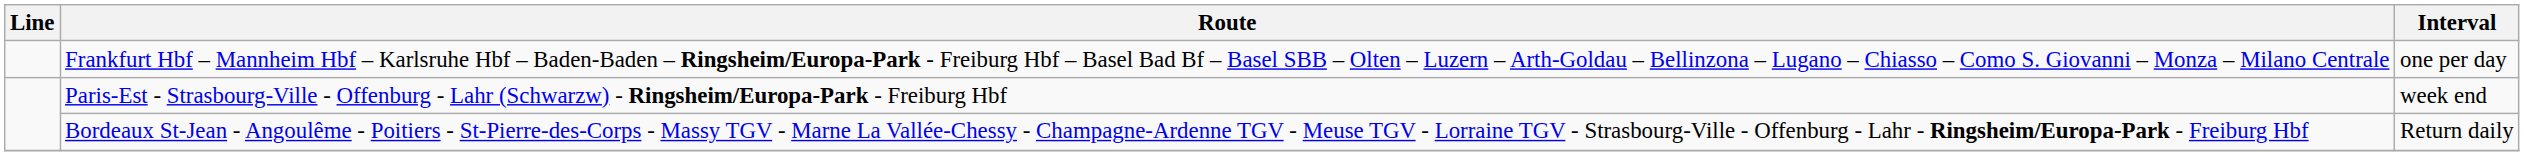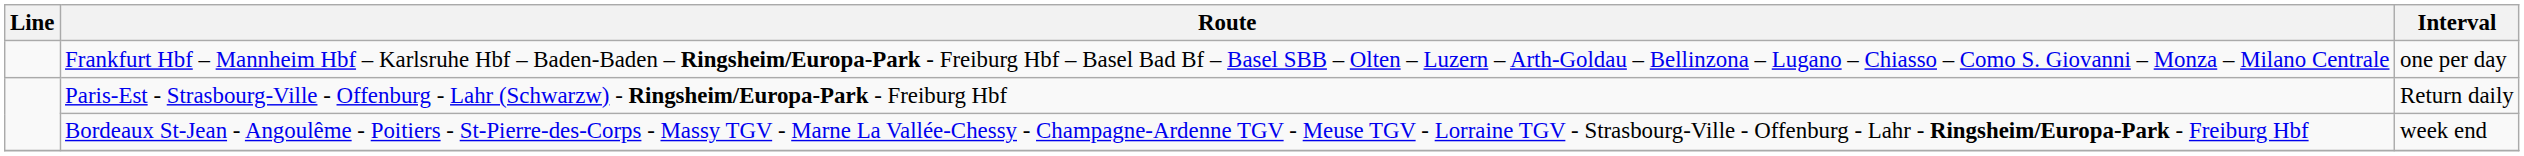 <table class="wikitable zebra">
 <tr class="hintergrundfarbe5">
 <th>Line</th>
 <th>Route</th>
 <th>Interval</th>
 </tr>
 <tr>
 <td></td>
 <td><a href='#'>Frankfurt Hbf</a> – <a href='#'>Mannheim Hbf</a> – Karlsruhe Hbf – Baden-Baden – <strong>Ringsheim/Europa-Park</strong> - Freiburg Hbf – Basel Bad Bf – <a href='#'>Basel SBB</a> – <a href='#'>Olten</a> – <a href='#'>Luzern</a> – <a href='#'>Arth-Goldau</a> – <a href='#'>Bellinzona</a> – <a href='#'>Lugano</a> – <a href='#'>Chiasso</a> – <a href='#'>Como S. Giovanni</a> – <a href='#'>Monza</a> – <a href='#'>Milano Centrale</a></td>
 <td>one per day</td>
 </tr>
 <tr>
 <td rowspan="2"></td>
 <td><a href='#'>Paris-Est</a> - <a href='#'>Strasbourg-Ville</a> - <a href='#'>Offenburg</a> - <a href='#'>Lahr (Schwarzw)</a> - <strong>Ringsheim/Europa-Park</strong> - Freiburg Hbf</td>
-<td>week end</td>
+<td>Return daily</td>
 </tr>
 <tr>
 <td><a href='#'>Bordeaux St-Jean</a> - <a href='#'>Angoulême</a> - <a href='#'>Poitiers</a> - <a href='#'>St-Pierre-des-Corps</a> - <a href='#'>Massy TGV</a> - <a href='#'>Marne La Vallée-Chessy</a> - <a href='#'>Champagne-Ardenne TGV</a> - <a href='#'>Meuse TGV</a> - <a href='#'>Lorraine TGV</a> - Strasbourg-Ville - Offenburg - Lahr - <strong>Ringsheim/Europa-Park</strong> - <a href='#'>Freiburg Hbf</a></td>
-<td>Return daily</td>
+<td>week end</td>
 </tr>
 <tr>
 </tr>
 </table>
